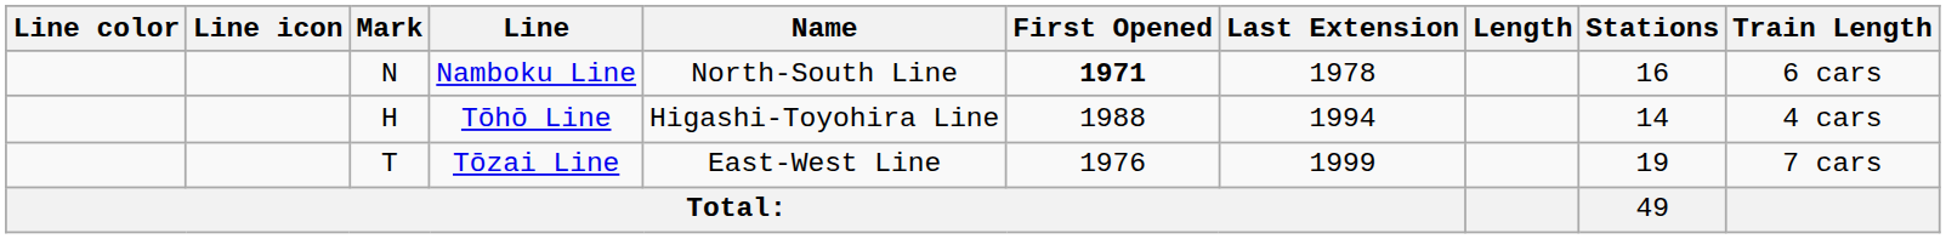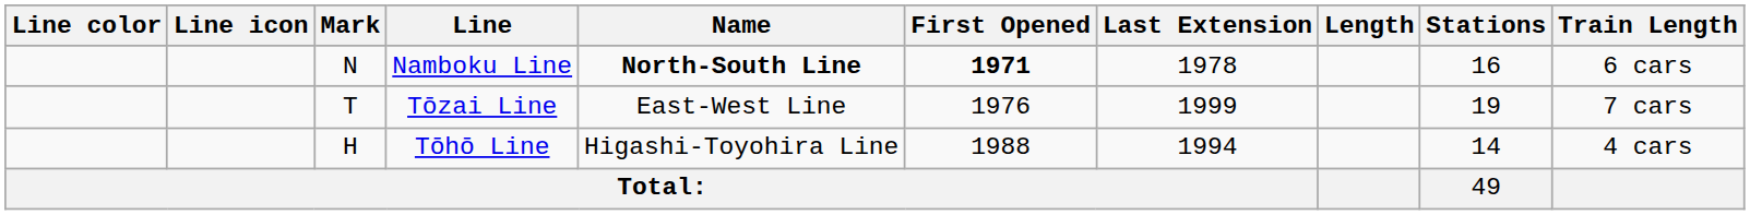 <table class="wikitable sortable" style=margin:auto;font-align:center;text-align:center>
 <tr>
 <th>Line color</th>
 <th>Line icon</th>
 <th>Mark</th>
 <th>Line</th>
 <th>Name</th>
 <th>First Opened</th>
 <th>Last Extension</th>
 <th>Length</th>
 <th>Stations</th>
 <th>Train Length</th>
 </tr>
 <tr>
 <td style="background:#"></td>
 <td style="text-align:center;"></td>
 <td style="text-align:center;">N</td>
 <td><a href='#'>Namboku Line</a></td>
-<td>North-South Line</td>
+<td><strong>North-South Line</strong></td>
 <td style="text-align:center;"><strong>1971</strong></td>
 <td style="text-align:center;">1978</td>
 <td></td>
 <td style="text-align:center;">16</td>
 <td style="text-align:center;">6 cars</td>
+</tr>
+<tr>
+<td style="background:#"></td>
+<td style="text-align:center;"></td>
+<td style="text-align:center;">T</td>
+<td><a href='#'>Tōzai Line</a></td>
+<td>East-West Line</td>
+<td style="text-align:center;">1976</td>
+<td style="text-align:center;">1999</td>
+<td></td>
+<td style="text-align:center;">19</td>
+<td style="text-align:center;">7 cars</td>
 </tr>
 <tr>
 <td style="background:#"></td>
 <td style="text-align:center;"></td>
 <td style="text-align:center;">H</td>
 <td><a href='#'>Tōhō Line</a></td>
 <td>Higashi-Toyohira Line</td>
 <td style="text-align:center;">1988</td>
 <td style="text-align:center;">1994</td>
 <td></td>
 <td style="text-align:center;">14</td>
 <td style="text-align:center;">4 cars</td>
 </tr>
-<tr>
-<td style="background:#"></td>
-<td style="text-align:center;"></td>
-<td style="text-align:center;">T</td>
-<td><a href='#'>Tōzai Line</a></td>
-<td>East-West Line</td>
-<td style="text-align:center;">1976</td>
-<td style="text-align:center;">1999</td>
-<td></td>
-<td style="text-align:center;">19</td>
-<td style="text-align:center;">7 cars</td>
-</tr>
 <tr style="background:#F2F2F2;">
 <td colspan="7" style="text-align:center;"><strong>Total:</strong></td>
 <td></td>
 <td style="text-align:center;">49</td>
 <td></td>
 </tr>
 </table>
